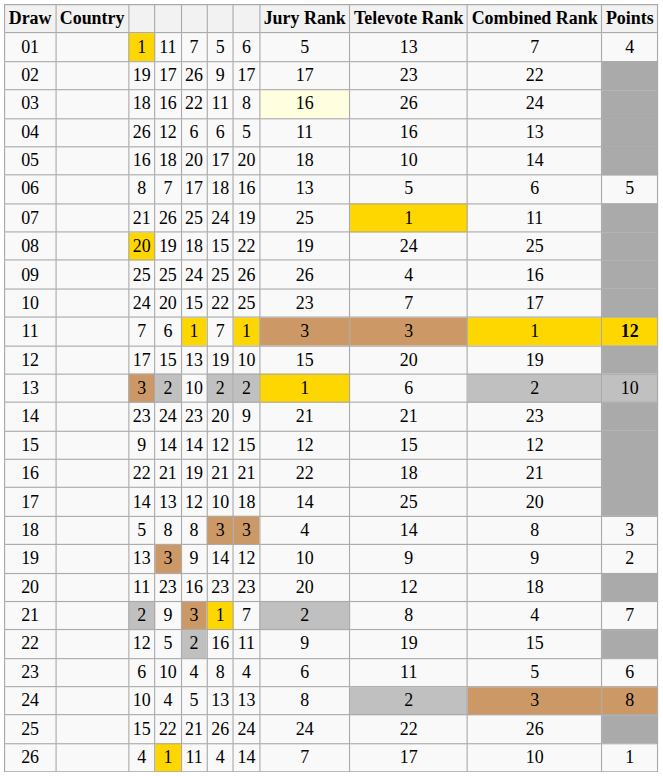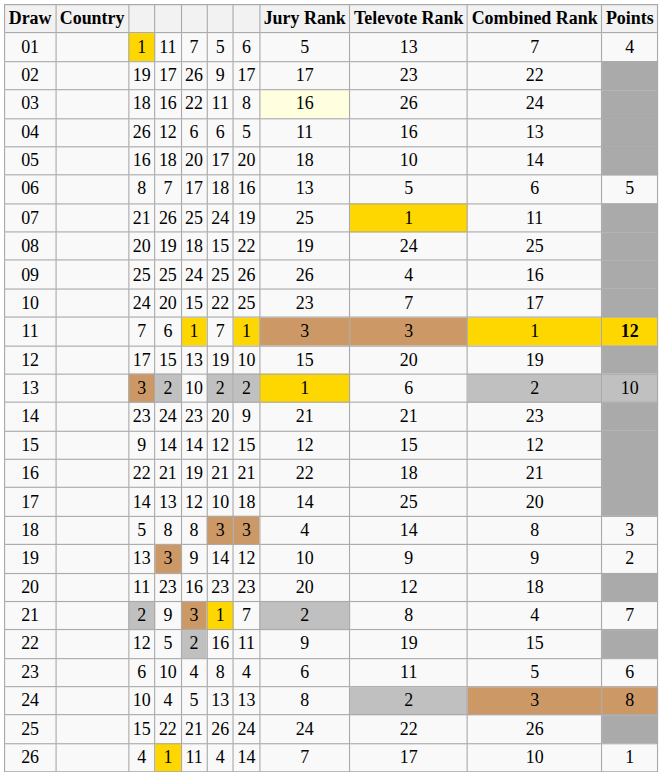 <table class="sortable wikitable collapsible plainrowheaders" style="text-align:center;">
 <tr>
 </tr>
 <tr>
 <th scope="col">Draw</th>
 <th scope="col">Country</th>
 <th scope="col"></th>
 <th scope="col"></th>
 <th scope="col"></th>
 <th scope="col"></th>
 <th scope="col"></th>
 <th scope="col">Jury Rank</th>
 <th scope="col">Televote Rank</th>
 <th scope="col">Combined Rank</th>
 <th scope="col">Points</th>
 </tr>
 <tr>
 <td>01</td>
 <td style="text-align:left;"></td>
 <td style="background:gold;">1</td>
 <td>11</td>
 <td>7</td>
 <td>5</td>
 <td>6</td>
 <td>5</td>
 <td>13</td>
 <td>7</td>
 <td>4</td>
 </tr>
 <tr>
 <td>02</td>
 <td style="text-align:left;"></td>
 <td>19</td>
 <td>17</td>
 <td>26</td>
 <td>9</td>
 <td>17</td>
 <td>17</td>
 <td>23</td>
 <td>22</td>
 <td style="background:#AAAAAA;"></td>
 </tr>
 <tr>
 <td>03</td>
 <td style="text-align:left;"></td>
 <td>18</td>
 <td>16</td>
 <td>22</td>
 <td>11</td>
 <td>8</td>
 <td style="background: lightyellow;">16</td>
 <td>26</td>
 <td>24</td>
 <td style="background:#AAAAAA;"></td>
 </tr>
 <tr>
 <td>04</td>
 <td style="text-align:left;"></td>
 <td>26</td>
 <td>12</td>
 <td>6</td>
 <td>6</td>
 <td>5</td>
 <td>11</td>
 <td>16</td>
 <td>13</td>
 <td style="background:#AAAAAA;"></td>
 </tr>
 <tr>
 <td>05</td>
 <td style="text-align:left;"></td>
 <td>16</td>
 <td>18</td>
 <td>20</td>
 <td>17</td>
 <td>20</td>
 <td>18</td>
 <td>10</td>
 <td>14</td>
 <td style="background:#AAAAAA;"></td>
 </tr>
 <tr>
 <td>06</td>
 <td style="text-align:left;"></td>
 <td>8</td>
 <td>7</td>
 <td>17</td>
 <td>18</td>
 <td>16</td>
 <td>13</td>
 <td>5</td>
 <td>6</td>
 <td>5</td>
 </tr>
 <tr>
 <td>07</td>
 <td style="text-align:left;"></td>
 <td>21</td>
 <td>26</td>
 <td>25</td>
 <td>24</td>
 <td>19</td>
 <td>25</td>
 <td style="background:gold;">1</td>
 <td>11</td>
 <td style="background:#AAAAAA;"></td>
 </tr>
 <tr>
 <td>08</td>
 <td style="text-align:left;"></td>
-<td style="background: gold;">20</td>
+<td>20</td>
 <td>19</td>
 <td>18</td>
 <td>15</td>
 <td>22</td>
 <td>19</td>
 <td>24</td>
 <td>25</td>
 <td style="background:#AAAAAA;"></td>
 </tr>
 <tr>
 <td>09</td>
 <td style="text-align:left;"></td>
 <td>25</td>
 <td>25</td>
 <td>24</td>
 <td>25</td>
 <td>26</td>
 <td>26</td>
 <td>4</td>
 <td>16</td>
 <td style="background:#AAAAAA;"></td>
 </tr>
 <tr>
 <td>10</td>
 <td style="text-align:left;"></td>
 <td>24</td>
 <td>20</td>
 <td>15</td>
 <td>22</td>
 <td>25</td>
 <td>23</td>
 <td>7</td>
 <td>17</td>
 <td style="background:#AAAAAA;"></td>
 </tr>
 <tr>
 <td>11</td>
 <td style="text-align:left;"></td>
 <td>7</td>
 <td>6</td>
 <td style="background:gold;">1</td>
 <td>7</td>
 <td style="background:gold;">1</td>
 <td style="background:#CC9966;">3</td>
 <td style="background:#CC9966;">3</td>
 <td style="background:gold;">1</td>
 <td style="background:gold;"><strong>12</strong></td>
 </tr>
 <tr>
 <td>12</td>
 <td style="text-align:left;"></td>
 <td>17</td>
 <td>15</td>
 <td>13</td>
 <td>19</td>
 <td>10</td>
 <td>15</td>
 <td>20</td>
 <td>19</td>
 <td style="background:#AAAAAA;"></td>
 </tr>
 <tr>
 <td>13</td>
 <td style="text-align:left;"></td>
 <td style="background:#CC9966;">3</td>
 <td style="background:silver;">2</td>
 <td>10</td>
 <td style="background:silver;">2</td>
 <td style="background:silver;">2</td>
 <td style="background:gold;">1</td>
 <td>6</td>
 <td style="background:silver;">2</td>
 <td style="background:silver;">10</td>
 </tr>
 <tr>
 <td>14</td>
 <td style="text-align:left;"></td>
 <td>23</td>
 <td>24</td>
 <td>23</td>
 <td>20</td>
 <td>9</td>
 <td>21</td>
 <td>21</td>
 <td>23</td>
 <td style="background:#AAAAAA;"></td>
 </tr>
 <tr>
 <td>15</td>
 <td style="text-align:left;"></td>
 <td>9</td>
 <td>14</td>
 <td>14</td>
 <td>12</td>
 <td>15</td>
 <td>12</td>
 <td>15</td>
 <td>12</td>
 <td style="background:#AAAAAA;"></td>
 </tr>
 <tr>
 <td>16</td>
 <td style="text-align:left;"></td>
 <td>22</td>
 <td>21</td>
 <td>19</td>
 <td>21</td>
 <td>21</td>
 <td>22</td>
 <td>18</td>
 <td>21</td>
 <td style="background:#AAAAAA;"></td>
 </tr>
 <tr>
 <td>17</td>
 <td style="text-align:left;"></td>
 <td>14</td>
 <td>13</td>
 <td>12</td>
 <td>10</td>
 <td>18</td>
 <td>14</td>
 <td>25</td>
 <td>20</td>
 <td style="background:#AAAAAA;"></td>
 </tr>
 <tr>
 <td>18</td>
 <td style="text-align:left;"></td>
 <td>5</td>
 <td>8</td>
 <td>8</td>
 <td style="background:#CC9966;">3</td>
 <td style="background:#CC9966;">3</td>
 <td>4</td>
 <td>14</td>
 <td>8</td>
 <td>3</td>
 </tr>
 <tr>
 <td>19</td>
 <td style="text-align:left;"></td>
 <td>13</td>
 <td style="background:#CC9966;">3</td>
 <td>9</td>
 <td>14</td>
 <td>12</td>
 <td>10</td>
 <td>9</td>
 <td>9</td>
 <td>2</td>
 </tr>
 <tr>
 <td>20</td>
 <td style="text-align:left;"></td>
 <td>11</td>
 <td>23</td>
 <td>16</td>
 <td>23</td>
 <td>23</td>
 <td>20</td>
 <td>12</td>
 <td>18</td>
 <td style="background:#AAAAAA;"></td>
 </tr>
 <tr>
 <td>21</td>
 <td style="text-align:left;"></td>
 <td style="background:silver;">2</td>
 <td>9</td>
 <td style="background:#CC9966;">3</td>
 <td style="background:gold;">1</td>
 <td>7</td>
 <td style="background:silver;">2</td>
 <td>8</td>
 <td>4</td>
 <td>7</td>
 </tr>
 <tr>
 <td>22</td>
 <td style="text-align:left;"></td>
 <td>12</td>
 <td>5</td>
 <td style="background:silver;">2</td>
 <td>16</td>
 <td>11</td>
 <td>9</td>
 <td>19</td>
 <td>15</td>
 <td style="background:#AAAAAA;"></td>
 </tr>
 <tr>
 <td>23</td>
 <td style="text-align:left;"></td>
 <td>6</td>
 <td>10</td>
 <td>4</td>
 <td>8</td>
 <td>4</td>
 <td>6</td>
 <td>11</td>
 <td>5</td>
 <td>6</td>
 </tr>
 <tr>
 <td>24</td>
 <td style="text-align:left;"></td>
 <td>10</td>
 <td>4</td>
 <td>5</td>
 <td>13</td>
 <td>13</td>
 <td>8</td>
 <td style="background:silver;">2</td>
 <td style="background:#CC9966;">3</td>
 <td style="background:#CC9966;">8</td>
 </tr>
 <tr>
 <td>25</td>
 <td style="text-align:left;"></td>
 <td>15</td>
 <td>22</td>
 <td>21</td>
 <td>26</td>
 <td>24</td>
 <td>24</td>
 <td>22</td>
 <td>26</td>
 <td style="background:#AAAAAA;"></td>
 </tr>
 <tr>
 <td>26</td>
 <td style="text-align:left;"></td>
 <td>4</td>
 <td style="background:gold;">1</td>
 <td>11</td>
 <td>4</td>
 <td>14</td>
 <td>7</td>
 <td>17</td>
 <td>10</td>
 <td>1</td>
 </tr>
 </table>
